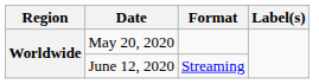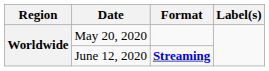 <table class="wikitable plainrowheaders">
 <tr>
 <th scope="col">Region</th>
 <th scope="col">Date</th>
 <th scope="col">Format</th>
 <th scope="col">Label(s)</th>
 </tr>
 <tr>
 <th rowspan="2" scope="row">Worldwide</th>
 <td>May 20, 2020</td>
 <td></td>
 <td rowspan="2"></td>
 </tr>
 <tr>
 <td>June 12, 2020</td>
-<td><a href='#'>Streaming</a></td>
+<td><strong><a href='#'>Streaming</a></strong></td>
 </tr>
 </table>
